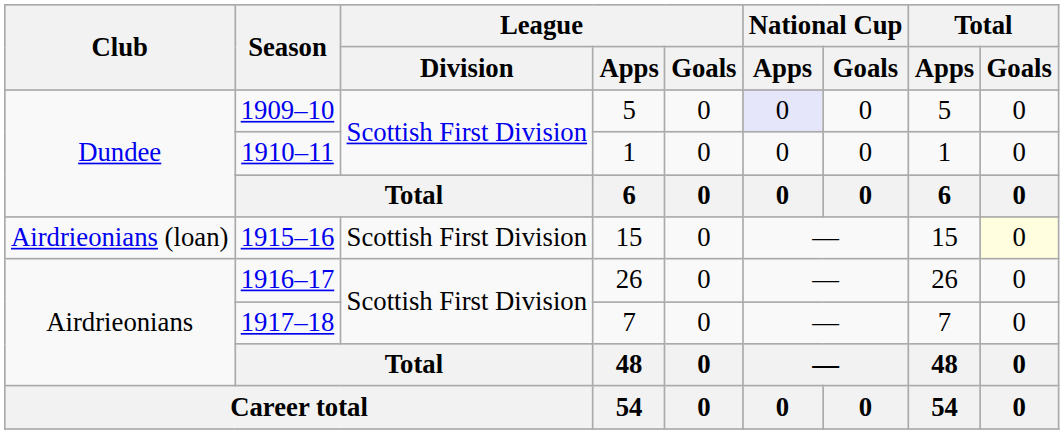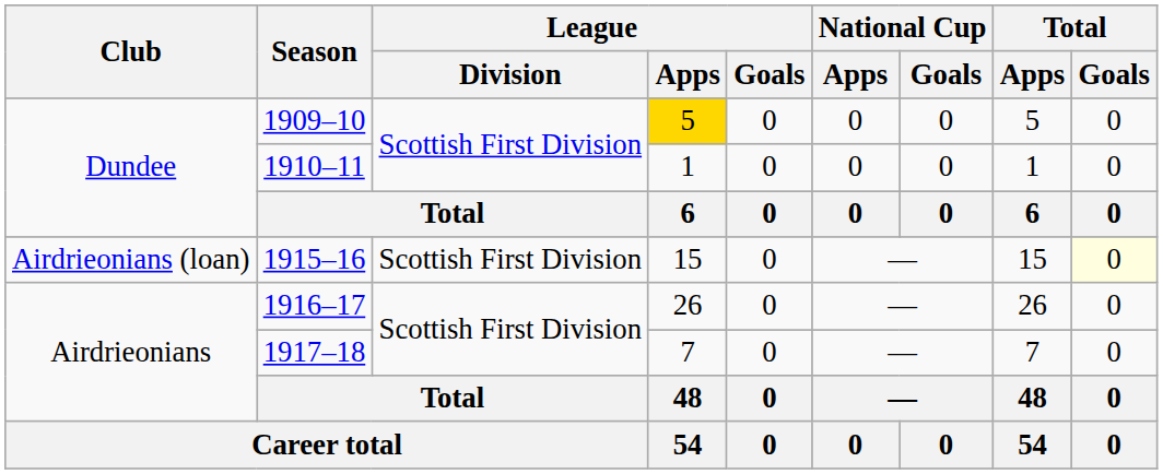 <table class="wikitable" style="text-align: center;">
 <tr>
 <th rowspan="2">Club</th>
 <th rowspan="2">Season</th>
 <th colspan="3">League</th>
 <th colspan="2">National Cup</th>
 <th colspan="2">Total</th>
 </tr>
 <tr>
 <th>Division</th>
 <th>Apps</th>
 <th>Goals</th>
 <th>Apps</th>
 <th>Goals</th>
 <th>Apps</th>
 <th>Goals</th>
 </tr>
 <tr>
 <td rowspan="3"><a href='#'>Dundee</a></td>
 <td><a href='#'>1909–10</a></td>
 <td rowspan="2"><a href='#'>Scottish First Division</a></td>
-<td>5</td>
+<td style="background: gold;">5</td>
 <td>0</td>
-<td style="background: lavender;">0</td>
+<td>0</td>
 <td>0</td>
 <td>5</td>
 <td>0</td>
 </tr>
 <tr>
 <td><a href='#'>1910–11</a></td>
 <td>1</td>
 <td>0</td>
 <td>0</td>
 <td>0</td>
 <td>1</td>
 <td>0</td>
 </tr>
 <tr>
 <th colspan="2">Total</th>
 <th>6</th>
 <th>0</th>
 <th>0</th>
 <th>0</th>
 <th>6</th>
 <th>0</th>
 </tr>
 <tr>
 <td><a href='#'>Airdrieonians</a> (loan)</td>
 <td><a href='#'>1915–16</a></td>
 <td>Scottish First Division</td>
 <td>15</td>
 <td>0</td>
 <td colspan="2">―</td>
 <td>15</td>
 <td style="background: lightyellow;">0</td>
 </tr>
 <tr>
 <td rowspan="3">Airdrieonians</td>
 <td><a href='#'>1916–17</a></td>
 <td rowspan="2">Scottish First Division</td>
 <td>26</td>
 <td>0</td>
 <td colspan="2">―</td>
 <td>26</td>
 <td>0</td>
 </tr>
 <tr>
 <td><a href='#'>1917–18</a></td>
 <td>7</td>
 <td>0</td>
 <td colspan="2">―</td>
 <td>7</td>
 <td>0</td>
 </tr>
 <tr>
 <th colspan="2">Total</th>
 <th>48</th>
 <th>0</th>
 <th colspan="2">―</th>
 <th>48</th>
 <th>0</th>
 </tr>
 <tr>
 <th colspan="3">Career total</th>
 <th>54</th>
 <th>0</th>
 <th>0</th>
 <th>0</th>
 <th>54</th>
 <th>0</th>
 </tr>
 </table>
